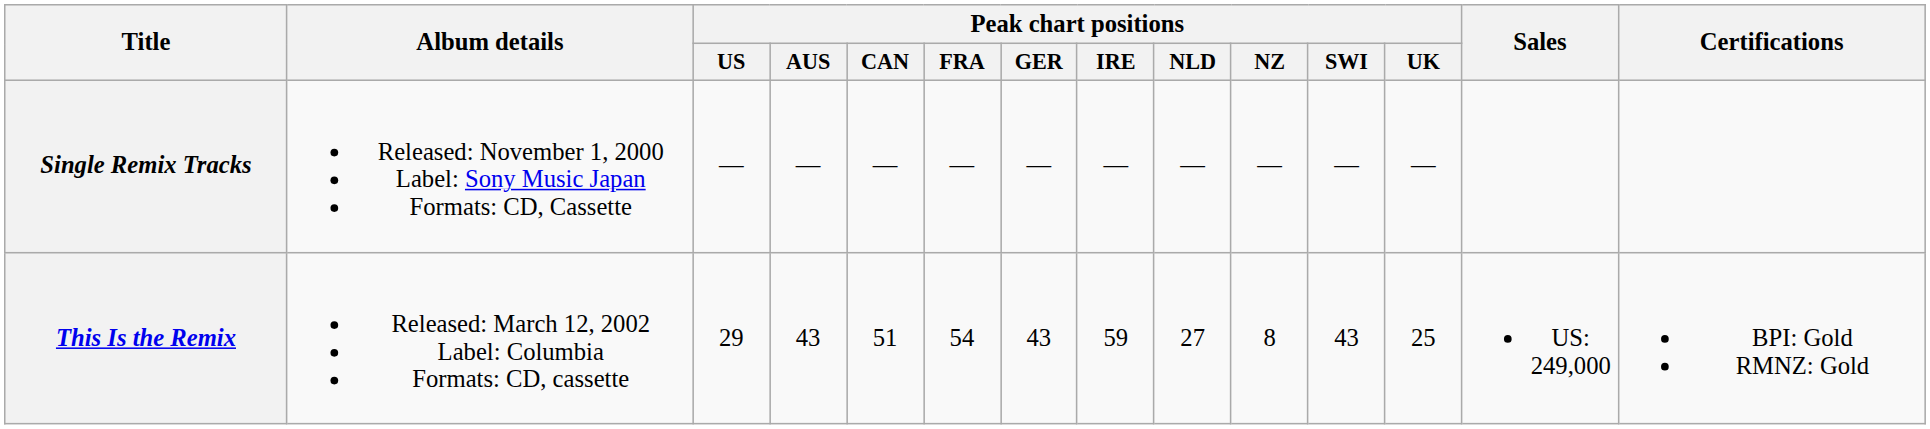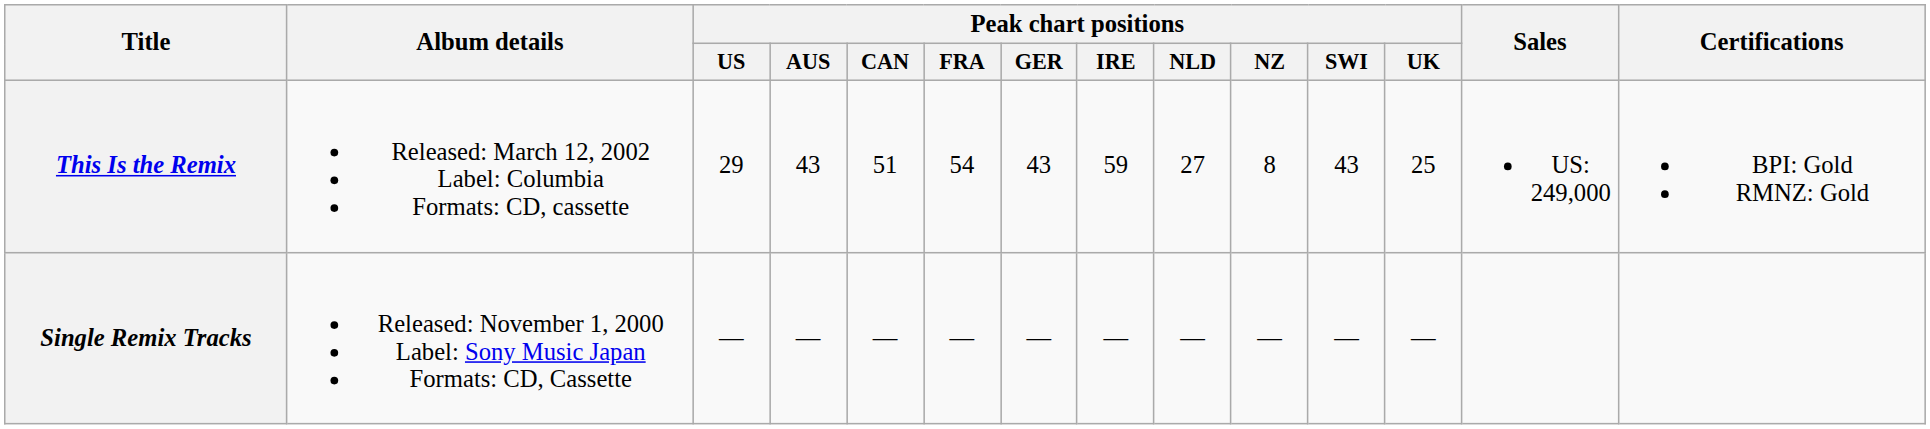 <table class="wikitable plainrowheaders" style="text-align:center;">
 <tr>
 <th scope="col" rowspan="2" style="width:11em">Title</th>
 <th scope="col" rowspan="2" style="width:16em">Album details</th>
 <th scope="col" colspan="10">Peak chart positions</th>
 <th scope="col" rowspan="2">Sales</th>
 <th scope="col" rowspan="2" style="width:12em">Certifications</th>
 </tr>
 <tr>
 <th style="width:3em;font-size:90%">US<br></th>
 <th style="width:3em;font-size:90%">AUS<br></th>
 <th style="width:3em;font-size:90%">CAN<br></th>
 <th style="width:3em;font-size:90%">FRA<br></th>
 <th style="width:3em;font-size:90%">GER<br></th>
 <th style="width:3em;font-size:90%">IRE<br></th>
 <th style="width:3em;font-size:90%">NLD<br></th>
 <th style="width:3em;font-size:90%">NZ<br></th>
 <th style="width:3em;font-size:90%">SWI<br></th>
 <th style="width:3em;font-size:90%">UK<br></th>
 </tr>
 <tr>
+<th scope="row"><em><a href='#'>This Is the Remix</a></em></th>
+<td><br><ul><li>Released: March 12, 2002</li><li>Label: Columbia</li><li>Formats: CD, cassette</li></ul></td>
+<td>29</td>
+<td>43</td>
+<td>51</td>
+<td>54</td>
+<td>43</td>
+<td>59</td>
+<td>27</td>
+<td>8</td>
+<td>43</td>
+<td>25</td>
+<td><br><ul><li>US: 249,000</li></ul></td>
+<td><br><ul><li>BPI: Gold</li><li>RMNZ: Gold</li></ul></td>
+</tr>
+<tr>
 <th scope="row"><em>Single Remix Tracks</em></th>
 <td><br><ul><li>Released: November 1, 2000</li><li>Label: <a href='#'>Sony Music Japan</a></li><li>Formats: CD, Cassette</li></ul></td>
 <td>—</td>
 <td>—</td>
 <td>—</td>
 <td>—</td>
 <td>—</td>
 <td>—</td>
 <td>—</td>
 <td>—</td>
 <td>—</td>
 <td>—</td>
 <td></td>
 <td></td>
 </tr>
-<tr>
-<th scope="row"><em><a href='#'>This Is the Remix</a></em></th>
-<td><br><ul><li>Released: March 12, 2002</li><li>Label: Columbia</li><li>Formats: CD, cassette</li></ul></td>
-<td>29</td>
-<td>43</td>
-<td>51</td>
-<td>54</td>
-<td>43</td>
-<td>59</td>
-<td>27</td>
-<td>8</td>
-<td>43</td>
-<td>25</td>
-<td><br><ul><li>US: 249,000</li></ul></td>
-<td><br><ul><li>BPI: Gold</li><li>RMNZ: Gold</li></ul></td>
-</tr>
 </table>
